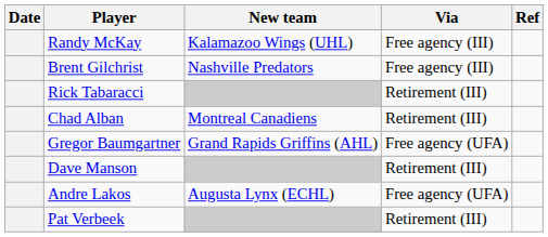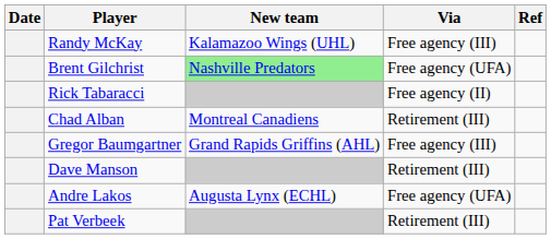 <table class="wikitable plainrowheaders">
 <tr style="background:#ddd; text-align:center;">
 <th>Date</th>
 <th>Player</th>
 <th>New team</th>
 <th>Via</th>
 <th>Ref</th>
 </tr>
 <tr>
 <th scope="row"></th>
 <td><a href='#'>Randy McKay</a></td>
 <td><a href='#'>Kalamazoo Wings</a> (<a href='#'>UHL</a>)</td>
 <td>Free agency (III)</td>
 <td></td>
 </tr>
 <tr>
 <th scope="row"></th>
 <td><a href='#'>Brent Gilchrist</a></td>
-<td><a href='#'>Nashville Predators</a></td>
-<td>Free agency (III)</td>
+<td style="background: lightgreen;"><a href='#'>Nashville Predators</a></td>
+<td>Free agency (UFA)</td>
 <td></td>
 </tr>
 <tr>
 <th scope="row"></th>
 <td><a href='#'>Rick Tabaracci</a></td>
 <td style="background:#ccc"></td>
-<td>Retirement (III)</td>
+<td>Free agency (II)</td>
 <td></td>
 </tr>
 <tr>
 <th scope="row"></th>
 <td><a href='#'>Chad Alban</a></td>
 <td><a href='#'>Montreal Canadiens</a></td>
 <td>Retirement (III)</td>
 <td></td>
 </tr>
 <tr>
 <th scope="row"></th>
 <td><a href='#'>Gregor Baumgartner</a></td>
 <td><a href='#'>Grand Rapids Griffins</a> (<a href='#'>AHL</a>)</td>
-<td>Free agency (UFA)</td>
+<td>Free agency (III)</td>
 <td></td>
 </tr>
 <tr>
 <th scope="row"></th>
 <td><a href='#'>Dave Manson</a></td>
 <td style="background:#ccc"></td>
 <td>Retirement (III)</td>
 <td></td>
 </tr>
 <tr>
 <th scope="row"></th>
 <td><a href='#'>Andre Lakos</a></td>
 <td><a href='#'>Augusta Lynx</a> (<a href='#'>ECHL</a>)</td>
 <td>Free agency (UFA)</td>
 <td></td>
 </tr>
 <tr>
 <th scope="row"></th>
 <td><a href='#'>Pat Verbeek</a></td>
 <td style="background:#ccc"></td>
 <td>Retirement (III)</td>
 <td></td>
 </tr>
 </table>
